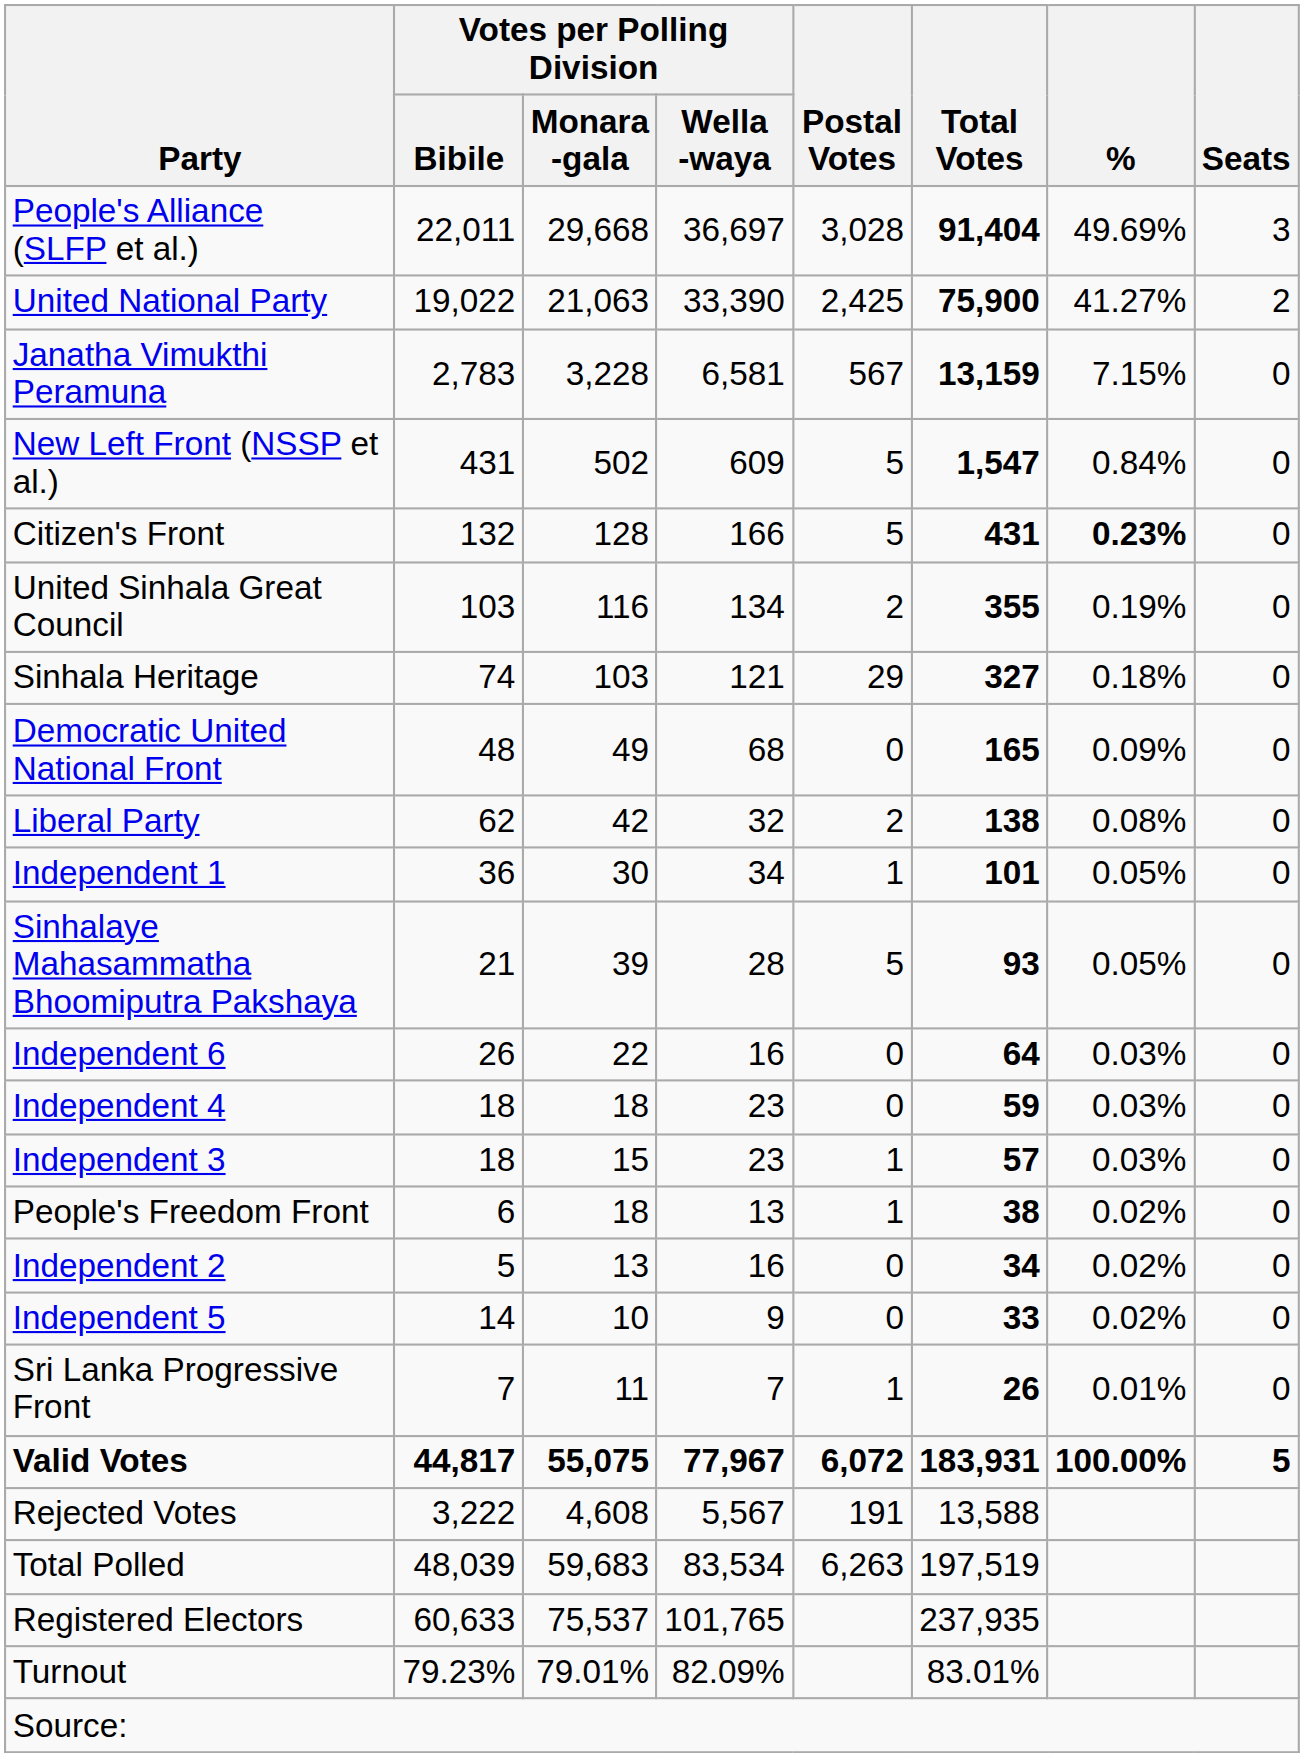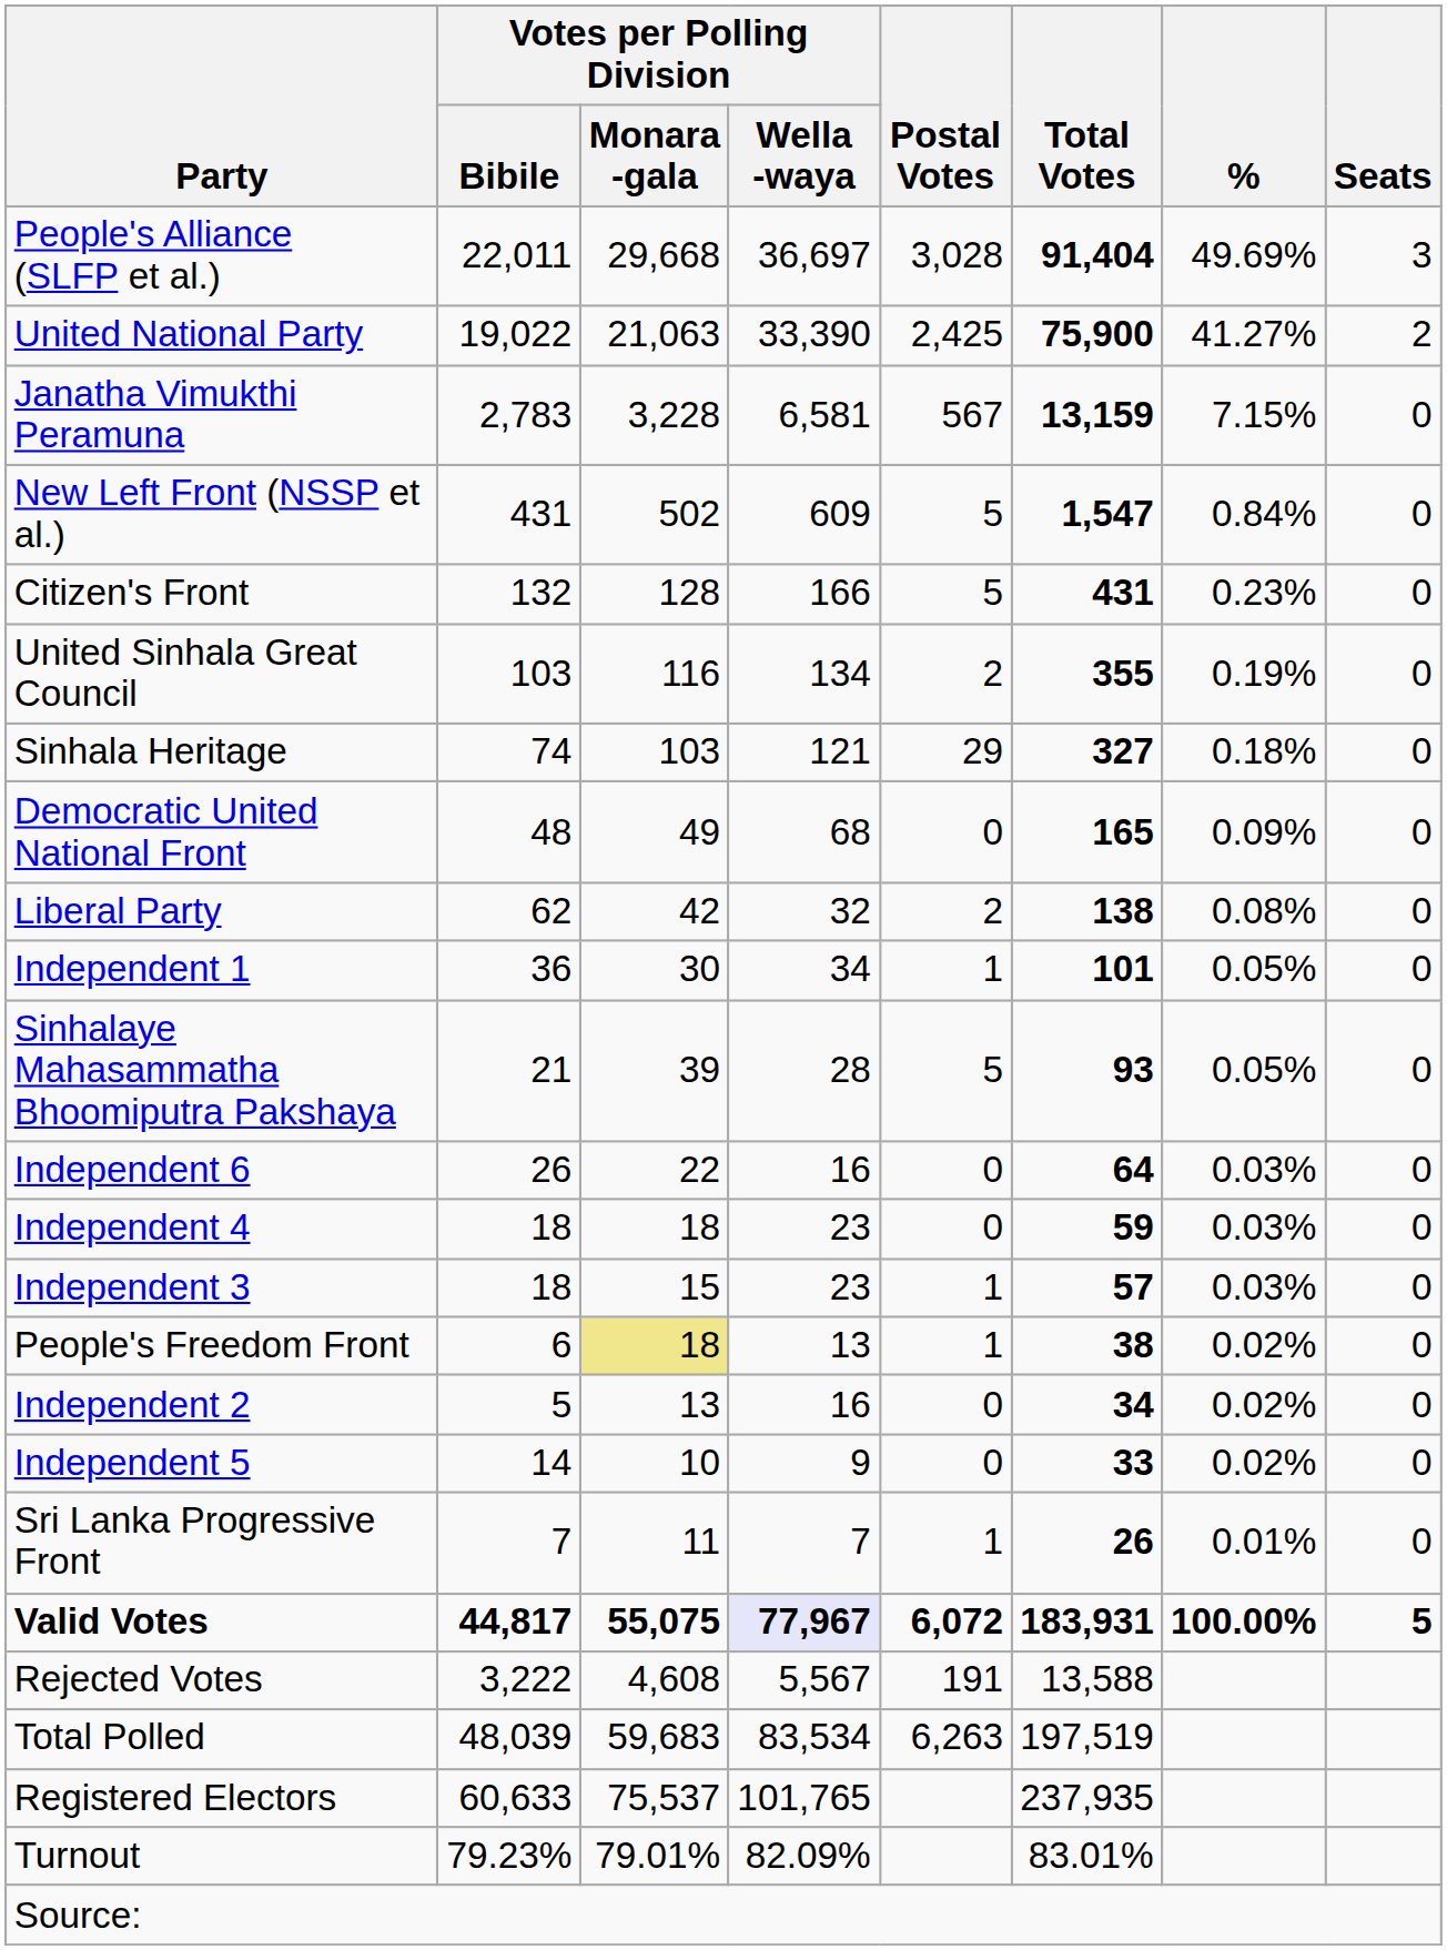 <table class="wikitable" border="1" style="text-align:right;">
 <tr>
 <th align=left valign=bottom rowspan=2 width="180">Party</th>
 <th colspan=3>Votes per Polling Division</th>
 <th align=center valign=bottom rowspan=2 width="50">Postal<br>Votes</th>
 <th align=center valign=bottom rowspan=2 width="50">Total Votes</th>
 <th align=center valign=bottom rowspan=2 width="50">%</th>
 <th align=center valign=bottom rowspan=2 width="40">Seats</th>
 </tr>
 <tr>
 <th align=center valign=bottom width="50">Bibile</th>
 <th align=center valign=bottom width="50">Monara<br>-gala</th>
 <th align=center valign=bottom width="50">Wella<br>-waya</th>
 </tr>
 <tr>
 <td align=left><a href='#'>People's Alliance</a><br>(<a href='#'>SLFP</a> et al.)</td>
 <td>22,011</td>
 <td>29,668</td>
 <td>36,697</td>
 <td>3,028</td>
 <td><strong>91,404</strong></td>
 <td>49.69%</td>
 <td>3</td>
 </tr>
 <tr>
 <td align=left><a href='#'>United National Party</a></td>
 <td>19,022</td>
 <td>21,063</td>
 <td>33,390</td>
 <td>2,425</td>
 <td><strong>75,900</strong></td>
 <td>41.27%</td>
 <td>2</td>
 </tr>
 <tr>
 <td align=left><a href='#'>Janatha Vimukthi Peramuna</a></td>
 <td>2,783</td>
 <td>3,228</td>
 <td>6,581</td>
 <td>567</td>
 <td><strong>13,159</strong></td>
 <td>7.15%</td>
 <td>0</td>
 </tr>
 <tr>
 <td align=left><a href='#'>New Left Front</a> (<a href='#'>NSSP</a> et al.)</td>
 <td>431</td>
 <td>502</td>
 <td>609</td>
 <td>5</td>
 <td><strong>1,547</strong></td>
 <td>0.84%</td>
 <td>0</td>
 </tr>
 <tr>
 <td align=left>Citizen's Front</td>
 <td>132</td>
 <td>128</td>
 <td>166</td>
 <td>5</td>
 <td><strong>431</strong></td>
-<td><strong>0.23%</strong></td>
+<td>0.23%</td>
 <td>0</td>
 </tr>
 <tr>
 <td align=left>United Sinhala Great Council</td>
 <td>103</td>
 <td>116</td>
 <td>134</td>
 <td>2</td>
 <td><strong>355</strong></td>
 <td>0.19%</td>
 <td>0</td>
 </tr>
 <tr>
 <td align=left>Sinhala Heritage</td>
 <td>74</td>
 <td>103</td>
 <td>121</td>
 <td>29</td>
 <td><strong>327</strong></td>
 <td>0.18%</td>
 <td>0</td>
 </tr>
 <tr>
 <td align=left><a href='#'>Democratic United National Front</a></td>
 <td>48</td>
 <td>49</td>
 <td>68</td>
 <td>0</td>
 <td><strong>165</strong></td>
 <td>0.09%</td>
 <td>0</td>
 </tr>
 <tr>
 <td align=left><a href='#'>Liberal Party</a></td>
 <td>62</td>
 <td>42</td>
 <td>32</td>
 <td>2</td>
 <td><strong>138</strong></td>
 <td>0.08%</td>
 <td>0</td>
 </tr>
 <tr>
 <td align=left><a href='#'>Independent 1</a></td>
 <td>36</td>
 <td>30</td>
 <td>34</td>
 <td>1</td>
 <td><strong>101</strong></td>
 <td>0.05%</td>
 <td>0</td>
 </tr>
 <tr>
 <td align=left><a href='#'>Sinhalaye Mahasammatha Bhoomiputra Pakshaya</a></td>
 <td>21</td>
 <td>39</td>
 <td>28</td>
 <td>5</td>
 <td><strong>93</strong></td>
 <td>0.05%</td>
 <td>0</td>
 </tr>
 <tr>
 <td align=left><a href='#'>Independent 6</a></td>
 <td>26</td>
 <td>22</td>
 <td>16</td>
 <td>0</td>
 <td><strong>64</strong></td>
 <td>0.03%</td>
 <td>0</td>
 </tr>
 <tr>
 <td align=left><a href='#'>Independent 4</a></td>
 <td>18</td>
 <td>18</td>
 <td>23</td>
 <td>0</td>
 <td><strong>59</strong></td>
 <td>0.03%</td>
 <td>0</td>
 </tr>
 <tr>
 <td align=left><a href='#'>Independent 3</a></td>
 <td>18</td>
 <td>15</td>
 <td>23</td>
 <td>1</td>
 <td><strong>57</strong></td>
 <td>0.03%</td>
 <td>0</td>
 </tr>
 <tr>
 <td align=left>People's Freedom Front</td>
 <td>6</td>
-<td>18</td>
+<td style="background: khaki;">18</td>
 <td>13</td>
 <td>1</td>
 <td><strong>38</strong></td>
 <td>0.02%</td>
 <td>0</td>
 </tr>
 <tr>
 <td align=left><a href='#'>Independent 2</a></td>
 <td>5</td>
 <td>13</td>
 <td>16</td>
 <td>0</td>
 <td><strong>34</strong></td>
 <td>0.02%</td>
 <td>0</td>
 </tr>
 <tr>
 <td align=left><a href='#'>Independent 5</a></td>
 <td>14</td>
 <td>10</td>
 <td>9</td>
 <td>0</td>
 <td><strong>33</strong></td>
 <td>0.02%</td>
 <td>0</td>
 </tr>
 <tr>
 <td align=left>Sri Lanka Progressive Front</td>
 <td>7</td>
 <td>11</td>
 <td>7</td>
 <td>1</td>
 <td><strong>26</strong></td>
 <td>0.01%</td>
 <td>0</td>
 </tr>
 <tr>
 <td align=left><strong>Valid Votes</strong></td>
 <td><strong>44,817</strong></td>
 <td><strong>55,075</strong></td>
-<td><strong>77,967</strong></td>
+<td style="background: lavender;"><strong>77,967</strong></td>
 <td><strong>6,072</strong></td>
 <td><strong>183,931</strong></td>
 <td><strong>100.00%</strong></td>
 <td><strong>5</strong></td>
 </tr>
 <tr>
 <td align=left>Rejected Votes</td>
 <td>3,222</td>
 <td>4,608</td>
 <td>5,567</td>
 <td>191</td>
 <td>13,588</td>
 <td></td>
 <td></td>
 </tr>
 <tr>
 <td align=left>Total Polled</td>
 <td>48,039</td>
 <td>59,683</td>
 <td>83,534</td>
 <td>6,263</td>
 <td>197,519</td>
 <td></td>
 <td></td>
 </tr>
 <tr>
 <td align=left>Registered Electors</td>
 <td>60,633</td>
 <td>75,537</td>
 <td>101,765</td>
 <td></td>
 <td>237,935</td>
 <td></td>
 <td></td>
 </tr>
 <tr>
 <td align=left>Turnout</td>
 <td>79.23%</td>
 <td>79.01%</td>
 <td>82.09%</td>
 <td></td>
 <td>83.01%</td>
 <td></td>
 <td></td>
 </tr>
 <tr>
 <td align=left colspan=9>Source:</td>
 </tr>
 </table>
